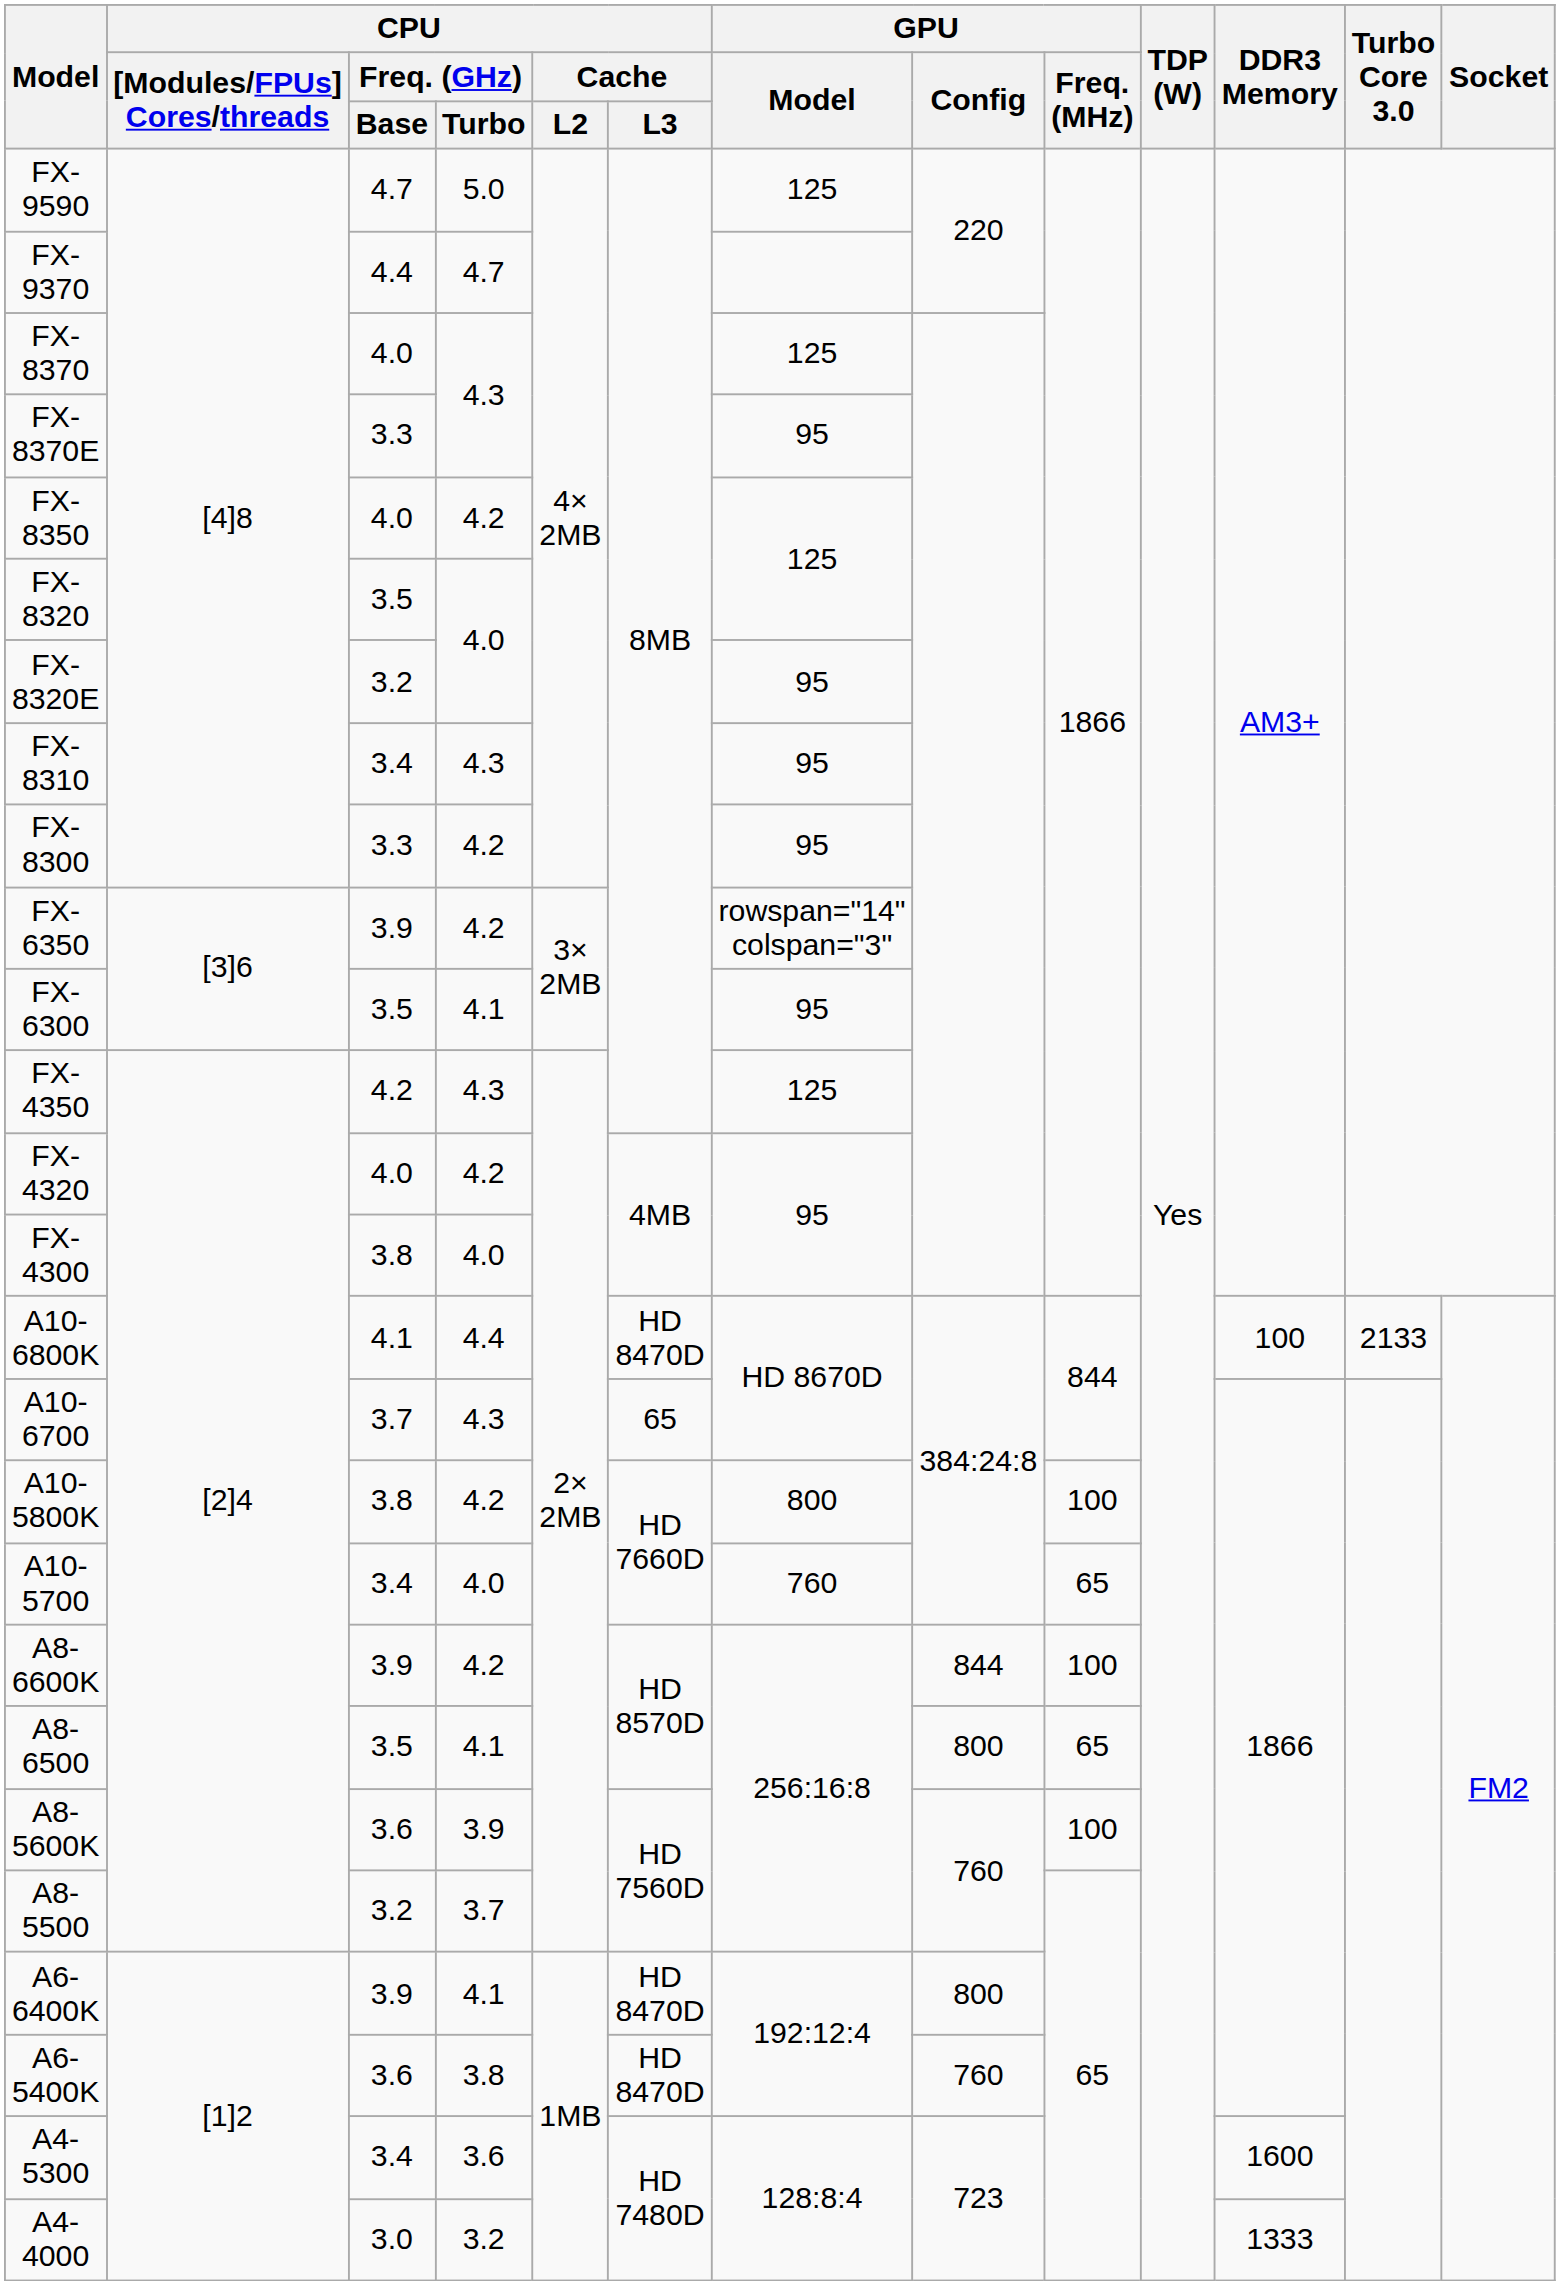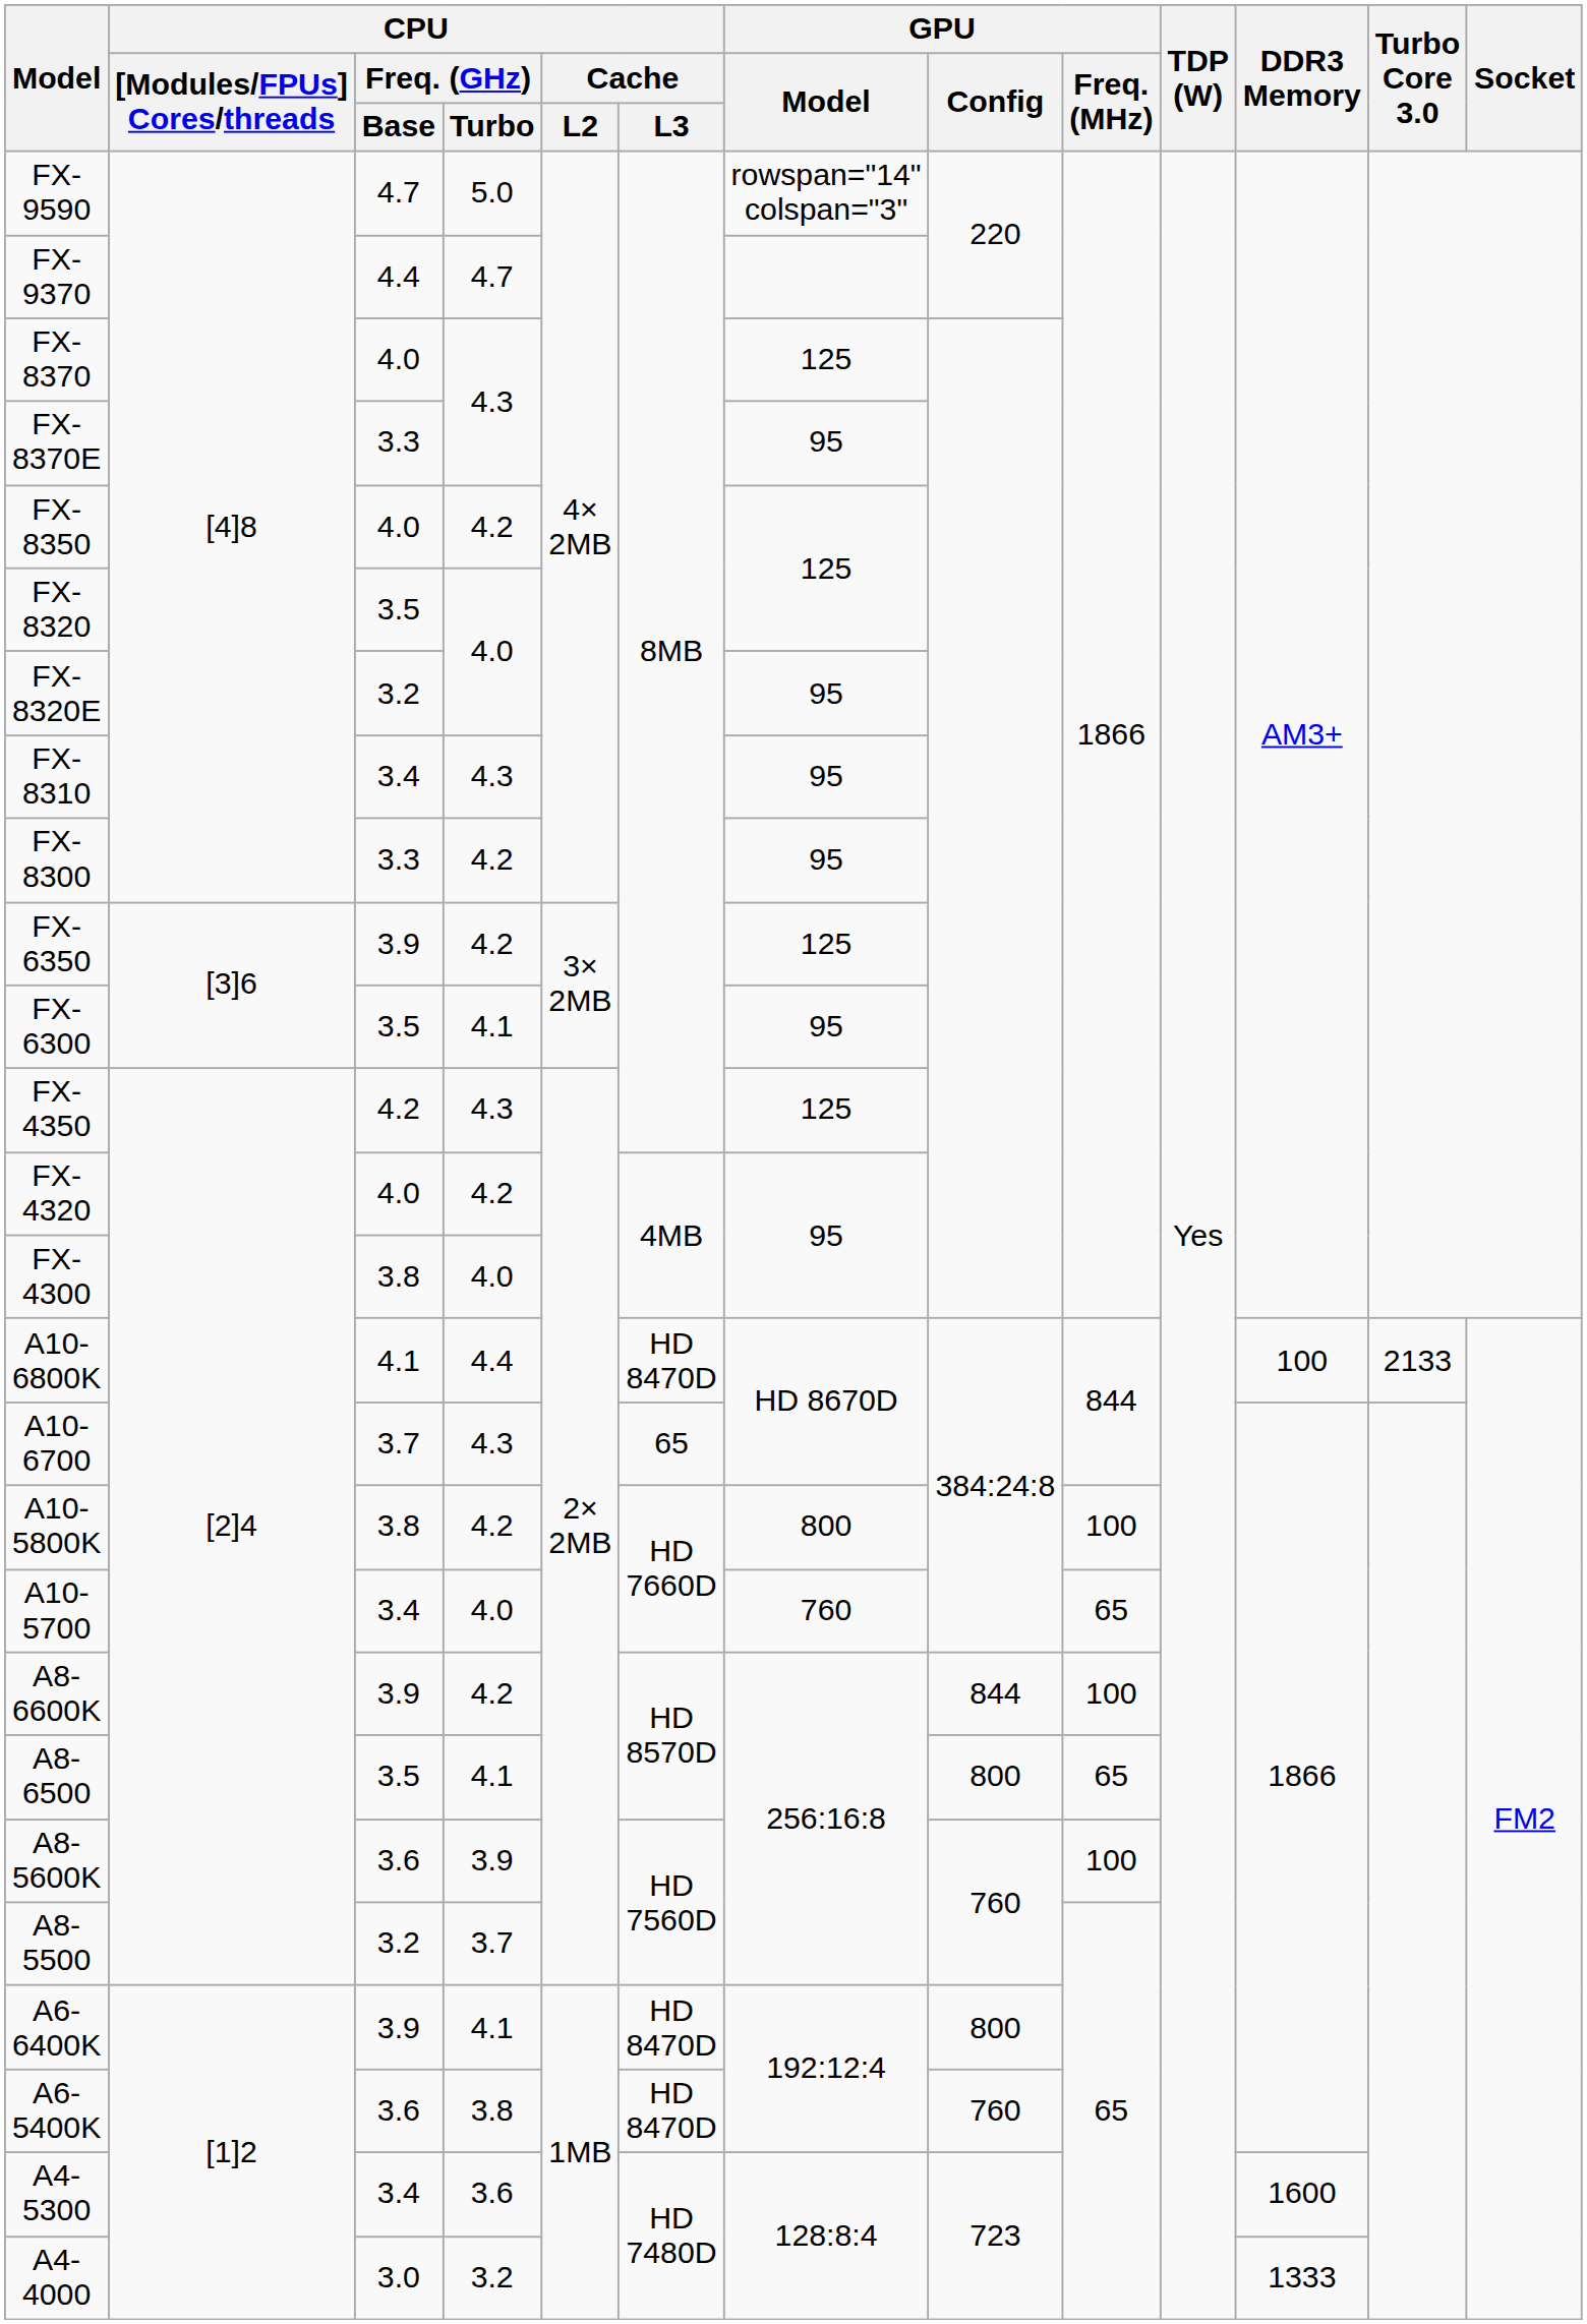 <table class="wikitable" style="text-align:center">
 <tr>
 <th rowspan="3">Model</th>
 <th colspan="5">CPU</th>
 <th colspan="3">GPU</th>
 <th rowspan="3">TDP<br>(W)</th>
 <th rowspan="3">DDR3<br>Memory</th>
 <th rowspan="3">Turbo<br>Core<br>3.0</th>
 <th rowspan="3">Socket</th>
 </tr>
 <tr>
 <th rowspan="2">[Modules/<a href='#'>FPUs</a>]<br><a href='#'>Cores</a>/<a href='#'>threads</a></th>
 <th colspan="2">Freq. (<a href='#'>GHz</a>)</th>
 <th colspan="2">Cache</th>
 <th rowspan="2">Model</th>
 <th rowspan="2">Config</th>
 <th rowspan="2">Freq.<br>(MHz)</th>
 </tr>
 <tr>
 <th>Base</th>
 <th>Turbo</th>
 <th>L2</th>
 <th>L3</th>
 </tr>
 <tr>
 <td>FX-9590</td>
 <td rowspan="9">[4]8</td>
 <td>4.7</td>
 <td>5.0</td>
 <td rowspan="9">4× 2MB</td>
 <td rowspan="12">8MB</td>
-<td>125</td>
+<td>rowspan="14" colspan="3" </td>
 <td rowspan="2">220</td>
 <td rowspan="14">1866</td>
 <td rowspan="26">Yes</td>
 <td rowspan="14"><a href='#'>AM3+</a></td>
 </tr>
 <tr>
 <td>FX-9370</td>
 <td>4.4</td>
 <td>4.7</td>
 </tr>
 <tr>
 <td>FX-8370</td>
 <td>4.0</td>
 <td rowspan="2">4.3</td>
 <td>125</td>
 </tr>
 <tr>
 <td>FX-8370E</td>
 <td>3.3</td>
 <td>95</td>
 </tr>
 <tr>
 <td>FX-8350</td>
 <td>4.0</td>
 <td>4.2</td>
 <td rowspan="2">125</td>
 </tr>
 <tr>
 <td>FX-8320</td>
 <td>3.5</td>
 <td rowspan="2">4.0</td>
 </tr>
 <tr>
 <td>FX-8320E</td>
 <td>3.2</td>
 <td>95</td>
 </tr>
 <tr>
 <td>FX-8310</td>
 <td>3.4</td>
 <td>4.3</td>
 <td>95</td>
 </tr>
 <tr>
 <td>FX-8300</td>
 <td>3.3</td>
 <td>4.2</td>
 <td>95</td>
 </tr>
 <tr>
 <td>FX-6350</td>
 <td rowspan="2">[3]6</td>
 <td>3.9</td>
 <td>4.2</td>
 <td rowspan="2">3× 2MB</td>
-<td>rowspan="14" colspan="3" </td>
+<td>125</td>
 </tr>
 <tr>
 <td>FX-6300</td>
 <td>3.5</td>
 <td>4.1</td>
 <td>95</td>
 </tr>
 <tr>
 <td>FX-4350</td>
 <td rowspan="11">[2]4</td>
 <td>4.2</td>
 <td>4.3</td>
 <td rowspan="11">2× 2MB</td>
 <td>125</td>
 </tr>
 <tr>
 <td>FX-4320</td>
 <td>4.0</td>
 <td>4.2</td>
 <td rowspan="2">4MB</td>
 <td rowspan="2">95</td>
 </tr>
 <tr>
 <td>FX-4300</td>
 <td>3.8</td>
 <td>4.0</td>
 </tr>
 <tr>
 <td>A10-6800K</td>
 <td>4.1</td>
 <td>4.4</td>
 <td>HD 8470D</td>
 <td rowspan="2">HD 8670D</td>
 <td rowspan="4">384:24:8</td>
 <td rowspan="2">844</td>
 <td>100</td>
 <td>2133</td>
 <td rowspan="12"><a href='#'>FM2</a></td>
 </tr>
 <tr>
 <td>A10-6700</td>
 <td>3.7</td>
 <td>4.3</td>
 <td>65</td>
 <td rowspan="9">1866</td>
 </tr>
 <tr>
 <td>A10-5800K</td>
 <td>3.8</td>
 <td>4.2</td>
 <td rowspan="2">HD 7660D</td>
 <td>800</td>
 <td>100</td>
 </tr>
 <tr>
 <td>A10-5700</td>
 <td>3.4</td>
 <td>4.0</td>
 <td>760</td>
 <td>65</td>
 </tr>
 <tr>
 <td>A8-6600K</td>
 <td>3.9</td>
 <td>4.2</td>
 <td rowspan="2">HD 8570D</td>
 <td rowspan="4">256:16:8</td>
 <td>844</td>
 <td>100</td>
 </tr>
 <tr>
 <td>A8-6500</td>
 <td>3.5</td>
 <td>4.1</td>
 <td>800</td>
 <td>65</td>
 </tr>
 <tr>
 <td>A8-5600K</td>
 <td>3.6</td>
 <td>3.9</td>
 <td rowspan="2">HD 7560D</td>
 <td rowspan="2">760</td>
 <td>100</td>
 </tr>
 <tr>
 <td>A8-5500</td>
 <td>3.2</td>
 <td>3.7</td>
 <td rowspan="5">65</td>
 </tr>
 <tr>
 <td>A6-6400K</td>
 <td rowspan="4">[1]2</td>
 <td>3.9</td>
 <td>4.1</td>
 <td rowspan="4">1MB</td>
 <td>HD 8470D</td>
 <td rowspan="2">192:12:4</td>
 <td>800</td>
 </tr>
 <tr>
 <td>A6-5400K</td>
 <td>3.6</td>
 <td>3.8</td>
 <td>HD 8470D</td>
 <td>760</td>
 </tr>
 <tr>
 <td>A4-5300</td>
 <td>3.4</td>
 <td>3.6</td>
 <td rowspan="2">HD 7480D</td>
 <td rowspan="2">128:8:4</td>
 <td rowspan="2">723</td>
 <td>1600</td>
 </tr>
 <tr>
 <td>A4-4000</td>
 <td>3.0</td>
 <td>3.2</td>
 <td>1333</td>
 </tr>
 </table>
